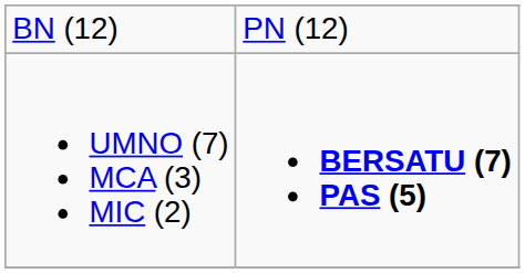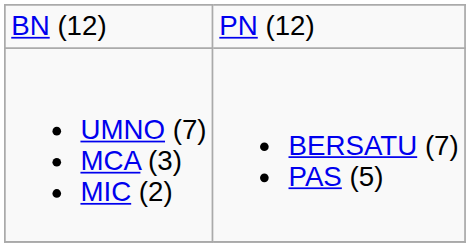 <table class="wikitable">
 <tr>
 <td> <a href='#'>BN</a> (12)</td>
 <td> <a href='#'>PN</a> (12)</td>
 </tr>
 <tr>
 <td><br><ul><li> <a href='#'>UMNO</a> (7)</li><li> <a href='#'>MCA</a> (3)</li><li> <a href='#'>MIC</a> (2)</li></ul></td>
-<td><strong><br><ul><li> <a href='#'>BERSATU</a> (7)</li><li> <a href='#'>PAS</a> (5)</li></ul></strong></td>
+<td><br><ul><li> <a href='#'>BERSATU</a> (7)</li><li> <a href='#'>PAS</a> (5)</li></ul></td>
 </tr>
 <tr>
 </tr>
 </table>
